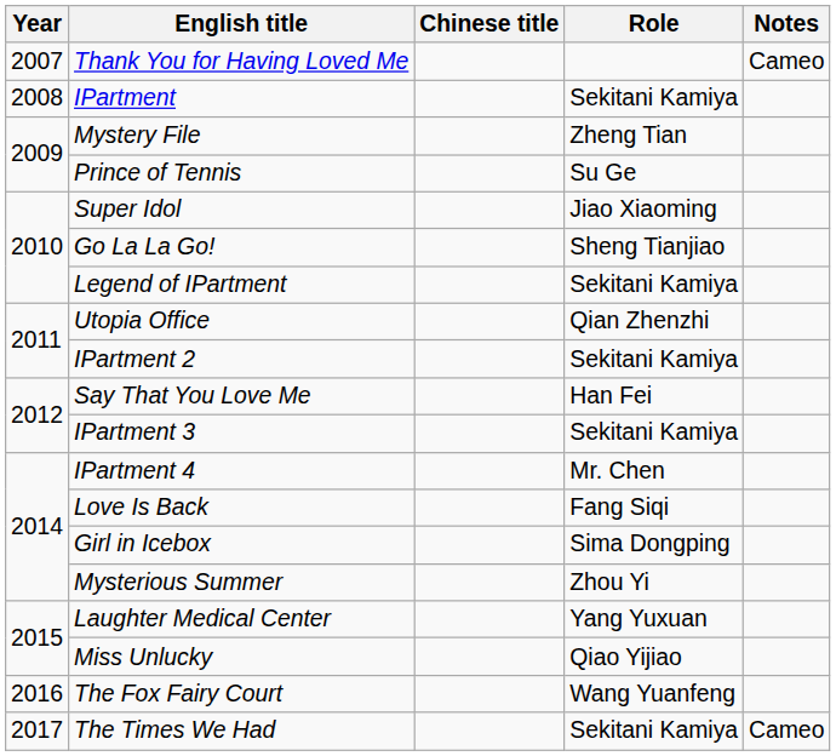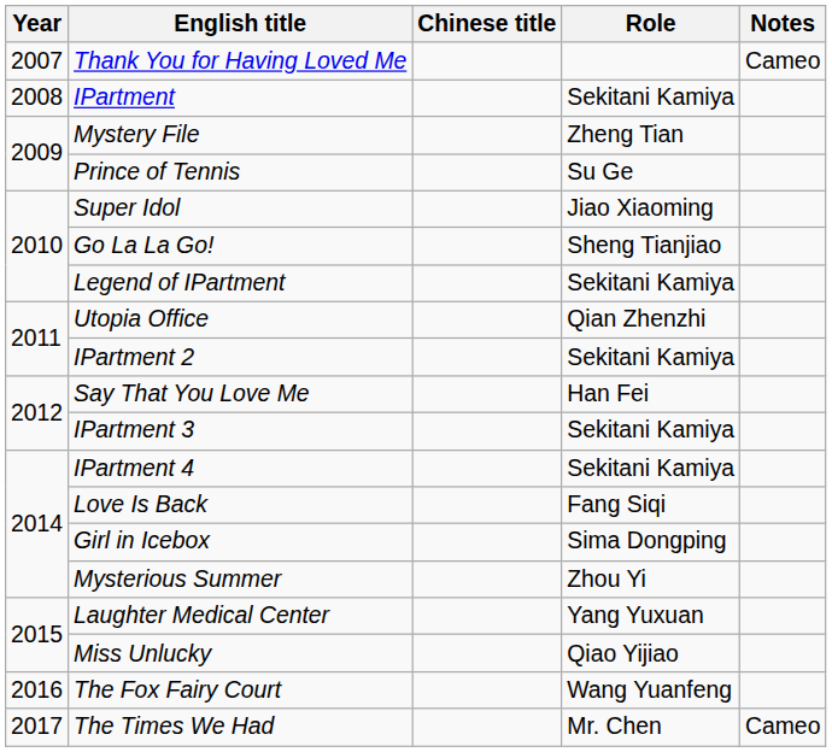 <table class="wikitable">
 <tr>
 <th>Year</th>
 <th>English title</th>
 <th>Chinese title</th>
 <th>Role</th>
 <th>Notes</th>
 </tr>
 <tr>
 <td>2007</td>
 <td><em><a href='#'>Thank You for Having Loved Me</a></em></td>
 <td></td>
 <td></td>
 <td>Cameo</td>
 </tr>
 <tr>
 <td>2008</td>
 <td><em><a href='#'>IPartment</a></em></td>
 <td></td>
 <td>Sekitani Kamiya</td>
 <td></td>
 </tr>
 <tr>
 <td rowspan="2">2009</td>
 <td><em>Mystery File</em></td>
 <td></td>
 <td>Zheng Tian</td>
 <td></td>
 </tr>
 <tr>
 <td><em>Prince of Tennis</em></td>
 <td></td>
 <td>Su Ge</td>
 <td></td>
 </tr>
 <tr>
 <td rowspan="3">2010</td>
 <td><em>Super Idol</em></td>
 <td></td>
 <td>Jiao Xiaoming</td>
 <td></td>
 </tr>
 <tr>
 <td><em>Go La La Go!</em></td>
 <td></td>
 <td>Sheng Tianjiao</td>
 <td></td>
 </tr>
 <tr>
 <td><em>Legend of IPartment</em></td>
 <td></td>
 <td>Sekitani Kamiya</td>
 <td></td>
 </tr>
 <tr>
 <td rowspan="2">2011</td>
 <td><em>Utopia Office</em></td>
 <td></td>
 <td>Qian Zhenzhi</td>
 <td></td>
 </tr>
 <tr>
 <td><em>IPartment 2</em></td>
 <td></td>
 <td>Sekitani Kamiya</td>
 <td></td>
 </tr>
 <tr>
 <td rowspan="2">2012</td>
 <td><em>Say That You Love Me</em></td>
 <td></td>
 <td>Han Fei</td>
 <td></td>
 </tr>
 <tr>
 <td><em>IPartment 3</em></td>
 <td></td>
 <td>Sekitani Kamiya</td>
 <td></td>
 </tr>
 <tr>
 <td rowspan="4">2014</td>
 <td><em>IPartment 4</em></td>
 <td></td>
-<td>Mr. Chen</td>
+<td>Sekitani Kamiya</td>
 <td></td>
 </tr>
 <tr>
 <td><em>Love Is Back</em></td>
 <td></td>
 <td>Fang Siqi</td>
 <td></td>
 </tr>
 <tr>
 <td><em>Girl in Icebox</em></td>
 <td></td>
 <td>Sima Dongping</td>
 <td></td>
 </tr>
 <tr>
 <td><em>Mysterious Summer</em></td>
 <td></td>
 <td>Zhou Yi</td>
 <td></td>
 </tr>
 <tr>
 <td rowspan="2">2015</td>
 <td><em>Laughter Medical Center</em></td>
 <td></td>
 <td>Yang Yuxuan</td>
 <td></td>
 </tr>
 <tr>
 <td><em>Miss Unlucky</em></td>
 <td></td>
 <td>Qiao Yijiao</td>
 <td></td>
 </tr>
 <tr>
 <td>2016</td>
 <td><em>The Fox Fairy Court</em></td>
 <td></td>
 <td>Wang Yuanfeng</td>
 <td></td>
 </tr>
 <tr>
 <td>2017</td>
 <td><em>The Times We Had</em></td>
 <td></td>
-<td>Sekitani Kamiya</td>
+<td>Mr. Chen</td>
 <td>Cameo</td>
 </tr>
 </table>
